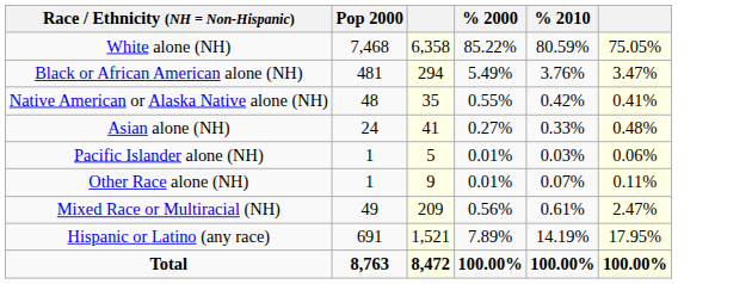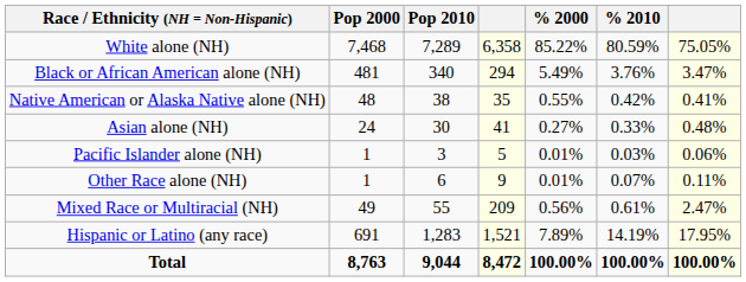 <table class="wikitable" style="text-align:center;">
 <tr>
 <th>Race / Ethnicity <small>(<em>NH = Non-Hispanic</em>)</small></th>
 <th>Pop 2000</th>
+<th>Pop 2010</th>
 <th></th>
 <th>% 2000</th>
 <th>% 2010</th>
 <th></th>
 </tr>
 <tr>
 <td><a href='#'>White</a> alone (NH)</td>
 <td>7,468</td>
+<td>7,289</td>
 <td style='background: #ffffe6;'>6,358</td>
 <td>85.22%</td>
 <td>80.59%</td>
 <td style='background: #ffffe6;'>75.05%</td>
 </tr>
 <tr>
 <td><a href='#'>Black or African American</a> alone (NH)</td>
 <td>481</td>
+<td>340</td>
 <td style='background: #ffffe6;'>294</td>
 <td>5.49%</td>
 <td>3.76%</td>
 <td style='background: #ffffe6;'>3.47%</td>
 </tr>
 <tr>
 <td><a href='#'>Native American</a> or <a href='#'>Alaska Native</a> alone (NH)</td>
 <td>48</td>
+<td>38</td>
 <td style='background: #ffffe6;'>35</td>
 <td>0.55%</td>
 <td>0.42%</td>
 <td style='background: #ffffe6;'>0.41%</td>
 </tr>
 <tr>
 <td><a href='#'>Asian</a> alone (NH)</td>
 <td>24</td>
+<td>30</td>
 <td style='background: #ffffe6;'>41</td>
 <td>0.27%</td>
 <td>0.33%</td>
 <td style='background: #ffffe6;'>0.48%</td>
 </tr>
 <tr>
 <td><a href='#'>Pacific Islander</a> alone (NH)</td>
 <td>1</td>
+<td>3</td>
 <td style='background: #ffffe6;'>5</td>
 <td>0.01%</td>
 <td>0.03%</td>
 <td style='background: #ffffe6;'>0.06%</td>
 </tr>
 <tr>
 <td><a href='#'>Other Race</a> alone (NH)</td>
 <td>1</td>
+<td>6</td>
 <td style='background: #ffffe6;'>9</td>
 <td>0.01%</td>
 <td>0.07%</td>
 <td style='background: #ffffe6;'>0.11%</td>
 </tr>
 <tr>
 <td><a href='#'>Mixed Race or Multiracial</a> (NH)</td>
 <td>49</td>
+<td>55</td>
 <td style='background: #ffffe6;'>209</td>
 <td>0.56%</td>
 <td>0.61%</td>
 <td style='background: #ffffe6;'>2.47%</td>
 </tr>
 <tr>
 <td><a href='#'>Hispanic or Latino</a> (any race)</td>
 <td>691</td>
+<td>1,283</td>
 <td style='background: #ffffe6;'>1,521</td>
 <td>7.89%</td>
 <td>14.19%</td>
 <td style='background: #ffffe6;'>17.95%</td>
 </tr>
 <tr>
 <td><strong>Total</strong></td>
 <td><strong>8,763</strong></td>
+<td><strong>9,044</strong></td>
 <td style='background: #ffffe6;'><strong>8,472</strong></td>
 <td><strong>100.00%</strong></td>
 <td><strong>100.00%</strong></td>
 <td style='background: #ffffe6;'><strong>100.00%</strong></td>
 </tr>
 </table>
